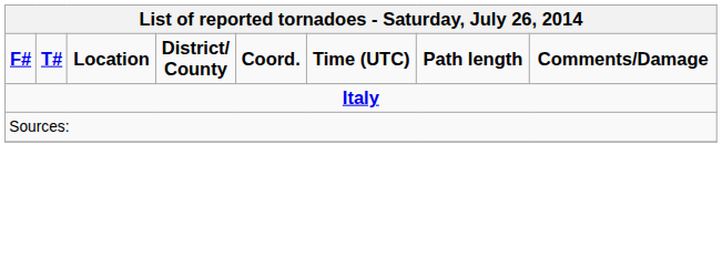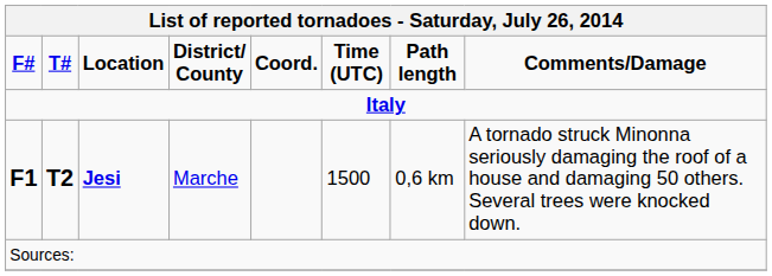 <table class="wikitable collapsible" width="100%">
 <tr>
 <th colspan="8">List of reported tornadoes - Saturday, July 26, 2014</th>
 </tr>
 <tr>
 <td style="text-align: center;"><strong><a href='#'>F#</a></strong></td>
 <td style="text-align: center;"><strong><a href='#'>T#</a></strong></td>
 <td style="text-align: center;"><strong>Location</strong></td>
 <td style="text-align: center;"><strong>District/<br>County</strong></td>
 <td style="text-align: center;"><strong>Coord.</strong></td>
 <td style="text-align: center;"><strong>Time (UTC)</strong></td>
 <td style="text-align: center;"><strong>Path length</strong></td>
 <td style="text-align: center;"><strong>Comments/Damage</strong></td>
 </tr>
 <tr>
 <td colspan="8" align=center><strong><a href='#'>Italy</a></strong></td>
 </tr>
 <tr>
+<td><big><strong>F1</strong></big></td>
+<td><big><strong>T2</strong></big></td>
+<td><strong><a href='#'>Jesi</a></strong></td>
+<td><a href='#'>Marche</a></td>
+<td></td>
+<td>1500</td>
+<td>0,6 km</td>
+<td>A tornado struck Minonna seriously damaging the roof of a house and damaging 50 others. Several trees were knocked down.</td>
+</tr>
+<tr>
 <td colspan="8"><small>Sources:</small></td>
 </tr>
 <tr>
 </tr>
 </table>
